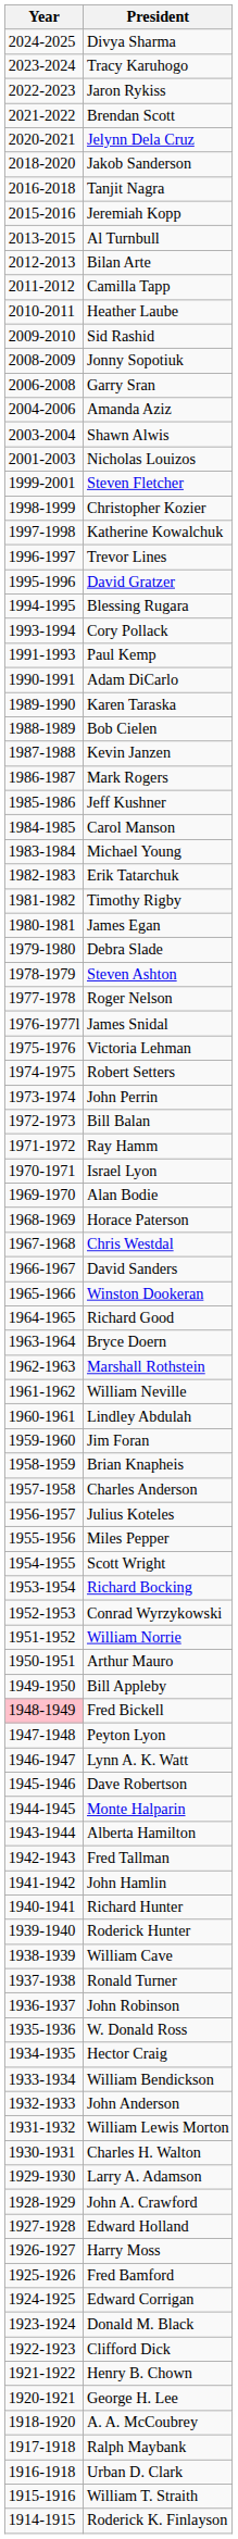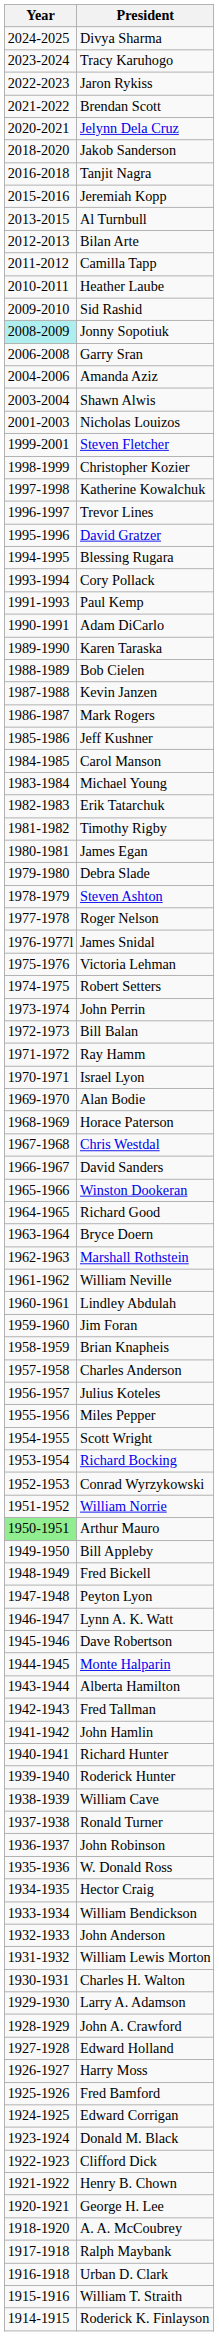 <table class="wikitable mw-collapsible mw-collapsed">
 <tr>
 <th>Year</th>
 <th>President</th>
 </tr>
 <tr>
 <td>2024-2025</td>
 <td>Divya Sharma</td>
 </tr>
 <tr>
 <td>2023-2024</td>
 <td>Tracy Karuhogo</td>
 </tr>
 <tr>
 <td>2022-2023</td>
 <td>Jaron Rykiss</td>
 </tr>
 <tr>
 <td>2021-2022</td>
 <td>Brendan Scott</td>
 </tr>
 <tr>
 <td>2020-2021</td>
 <td><a href='#'>Jelynn Dela Cruz</a></td>
 </tr>
 <tr>
 <td>2018-2020</td>
 <td>Jakob Sanderson</td>
 </tr>
 <tr>
 <td>2016-2018</td>
 <td>Tanjit Nagra</td>
 </tr>
 <tr>
 <td>2015-2016</td>
 <td>Jeremiah Kopp</td>
 </tr>
 <tr>
 <td>2013-2015</td>
 <td>Al Turnbull</td>
 </tr>
 <tr>
 <td>2012-2013</td>
 <td>Bilan Arte</td>
 </tr>
 <tr>
 <td>2011-2012</td>
 <td>Camilla Tapp</td>
 </tr>
 <tr>
 <td>2010-2011</td>
 <td>Heather Laube</td>
 </tr>
 <tr>
 <td>2009-2010</td>
 <td>Sid Rashid</td>
 </tr>
 <tr>
-<td>2008-2009</td>
+<td style="background: paleturquoise;">2008-2009</td>
 <td>Jonny Sopotiuk</td>
 </tr>
 <tr>
 <td>2006-2008</td>
 <td>Garry Sran</td>
 </tr>
 <tr>
 <td>2004-2006</td>
 <td>Amanda Aziz</td>
 </tr>
 <tr>
 <td>2003-2004</td>
 <td>Shawn Alwis</td>
 </tr>
 <tr>
 <td>2001-2003</td>
 <td>Nicholas Louizos</td>
 </tr>
 <tr>
 <td>1999-2001</td>
 <td><a href='#'>Steven Fletcher</a></td>
 </tr>
 <tr>
 <td>1998-1999</td>
 <td>Christopher Kozier</td>
 </tr>
 <tr>
 <td>1997-1998</td>
 <td>Katherine Kowalchuk</td>
 </tr>
 <tr>
 <td>1996-1997</td>
 <td>Trevor Lines</td>
 </tr>
 <tr>
 <td>1995-1996</td>
 <td><a href='#'>David Gratzer</a></td>
 </tr>
 <tr>
 <td>1994-1995</td>
 <td>Blessing Rugara</td>
 </tr>
 <tr>
 <td>1993-1994</td>
 <td>Cory Pollack</td>
 </tr>
 <tr>
 <td>1991-1993</td>
 <td>Paul Kemp</td>
 </tr>
 <tr>
 <td>1990-1991</td>
 <td>Adam DiCarlo</td>
 </tr>
 <tr>
 <td>1989-1990</td>
 <td>Karen Taraska</td>
 </tr>
 <tr>
 <td>1988-1989</td>
 <td>Bob Cielen</td>
 </tr>
 <tr>
 <td>1987-1988</td>
 <td>Kevin Janzen</td>
 </tr>
 <tr>
 <td>1986-1987</td>
 <td>Mark Rogers</td>
 </tr>
 <tr>
 <td>1985-1986</td>
 <td>Jeff Kushner</td>
 </tr>
 <tr>
 <td>1984-1985</td>
 <td>Carol Manson</td>
 </tr>
 <tr>
 <td>1983-1984</td>
 <td>Michael Young</td>
 </tr>
 <tr>
 <td>1982-1983</td>
 <td>Erik Tatarchuk</td>
 </tr>
 <tr>
 <td>1981-1982</td>
 <td>Timothy Rigby</td>
 </tr>
 <tr>
 <td>1980-1981</td>
 <td>James Egan</td>
 </tr>
 <tr>
 <td>1979-1980</td>
 <td>Debra Slade</td>
 </tr>
 <tr>
 <td>1978-1979</td>
 <td><a href='#'>Steven Ashton</a></td>
 </tr>
 <tr>
 <td>1977-1978</td>
 <td>Roger Nelson</td>
 </tr>
 <tr>
 <td>1976-1977l</td>
 <td>James Snidal</td>
 </tr>
 <tr>
 <td>1975-1976</td>
 <td>Victoria Lehman</td>
 </tr>
 <tr>
 <td>1974-1975</td>
 <td>Robert Setters</td>
 </tr>
 <tr>
 <td>1973-1974</td>
 <td>John Perrin</td>
 </tr>
 <tr>
 <td>1972-1973</td>
 <td>Bill Balan</td>
 </tr>
 <tr>
 <td>1971-1972</td>
 <td>Ray Hamm</td>
 </tr>
 <tr>
 <td>1970-1971</td>
 <td>Israel Lyon</td>
 </tr>
 <tr>
 <td>1969-1970</td>
 <td>Alan Bodie</td>
 </tr>
 <tr>
 <td>1968-1969</td>
 <td>Horace Paterson</td>
 </tr>
 <tr>
 <td>1967-1968</td>
 <td><a href='#'>Chris Westdal</a></td>
 </tr>
 <tr>
 <td>1966-1967</td>
 <td>David Sanders</td>
 </tr>
 <tr>
 <td>1965-1966</td>
 <td><a href='#'>Winston Dookeran</a></td>
 </tr>
 <tr>
 <td>1964-1965</td>
 <td>Richard Good</td>
 </tr>
 <tr>
 <td>1963-1964</td>
 <td>Bryce Doern</td>
 </tr>
 <tr>
 <td>1962-1963</td>
 <td><a href='#'>Marshall Rothstein</a></td>
 </tr>
 <tr>
 <td>1961-1962</td>
 <td>William Neville</td>
 </tr>
 <tr>
 <td>1960-1961</td>
 <td>Lindley Abdulah</td>
 </tr>
 <tr>
 <td>1959-1960</td>
 <td>Jim Foran</td>
 </tr>
 <tr>
 <td>1958-1959</td>
 <td>Brian Knapheis</td>
 </tr>
 <tr>
 <td>1957-1958</td>
 <td>Charles Anderson</td>
 </tr>
 <tr>
 <td>1956-1957</td>
 <td>Julius Koteles</td>
 </tr>
 <tr>
 <td>1955-1956</td>
 <td>Miles Pepper</td>
 </tr>
 <tr>
 <td>1954-1955</td>
 <td>Scott Wright</td>
 </tr>
 <tr>
 <td>1953-1954</td>
 <td><a href='#'>Richard Bocking</a></td>
 </tr>
 <tr>
 <td>1952-1953</td>
 <td>Conrad Wyrzykowski</td>
 </tr>
 <tr>
 <td>1951-1952</td>
 <td><a href='#'>William Norrie</a></td>
 </tr>
 <tr>
-<td>1950-1951</td>
+<td style="background: lightgreen;">1950-1951</td>
 <td>Arthur Mauro</td>
 </tr>
 <tr>
 <td>1949-1950</td>
 <td>Bill Appleby</td>
 </tr>
 <tr>
-<td style="background: pink;">1948-1949</td>
+<td>1948-1949</td>
 <td>Fred Bickell</td>
 </tr>
 <tr>
 <td>1947-1948</td>
 <td>Peyton Lyon</td>
 </tr>
 <tr>
 <td>1946-1947</td>
 <td>Lynn A. K. Watt</td>
 </tr>
 <tr>
 <td>1945-1946</td>
 <td>Dave Robertson</td>
 </tr>
 <tr>
 <td>1944-1945</td>
 <td><a href='#'>Monte Halparin</a></td>
 </tr>
 <tr>
 <td>1943-1944</td>
 <td>Alberta Hamilton</td>
 </tr>
 <tr>
 <td>1942-1943</td>
 <td>Fred Tallman</td>
 </tr>
 <tr>
 <td>1941-1942</td>
 <td>John Hamlin</td>
 </tr>
 <tr>
 <td>1940-1941</td>
 <td>Richard Hunter</td>
 </tr>
 <tr>
 <td>1939-1940</td>
 <td>Roderick Hunter</td>
 </tr>
 <tr>
 <td>1938-1939</td>
 <td>William Cave</td>
 </tr>
 <tr>
 <td>1937-1938</td>
 <td>Ronald Turner</td>
 </tr>
 <tr>
 <td>1936-1937</td>
 <td>John Robinson</td>
 </tr>
 <tr>
 <td>1935-1936</td>
 <td>W. Donald Ross</td>
 </tr>
 <tr>
 <td>1934-1935</td>
 <td>Hector Craig</td>
 </tr>
 <tr>
 <td>1933-1934</td>
 <td>William Bendickson</td>
 </tr>
 <tr>
 <td>1932-1933</td>
 <td>John Anderson</td>
 </tr>
 <tr>
 <td>1931-1932</td>
 <td>William Lewis Morton</td>
 </tr>
 <tr>
 <td>1930-1931</td>
 <td>Charles H. Walton</td>
 </tr>
 <tr>
 <td>1929-1930</td>
 <td>Larry A. Adamson</td>
 </tr>
 <tr>
 <td>1928-1929</td>
 <td>John A. Crawford</td>
 </tr>
 <tr>
 <td>1927-1928</td>
 <td>Edward Holland</td>
 </tr>
 <tr>
 <td>1926-1927</td>
 <td>Harry Moss</td>
 </tr>
 <tr>
 <td>1925-1926</td>
 <td>Fred Bamford</td>
 </tr>
 <tr>
 <td>1924-1925</td>
 <td>Edward Corrigan</td>
 </tr>
 <tr>
 <td>1923-1924</td>
 <td>Donald M. Black</td>
 </tr>
 <tr>
 <td>1922-1923</td>
 <td>Clifford Dick</td>
 </tr>
 <tr>
 <td>1921-1922</td>
 <td>Henry B. Chown</td>
 </tr>
 <tr>
 <td>1920-1921</td>
 <td>George H. Lee</td>
 </tr>
 <tr>
 <td>1918-1920</td>
 <td>A. A. McCoubrey</td>
 </tr>
 <tr>
 <td>1917-1918</td>
 <td>Ralph Maybank</td>
 </tr>
 <tr>
 <td>1916-1918</td>
 <td>Urban D. Clark</td>
 </tr>
 <tr>
 <td>1915-1916</td>
 <td>William T. Straith</td>
 </tr>
 <tr>
 <td>1914-1915</td>
 <td>Roderick K. Finlayson</td>
 </tr>
 </table>
